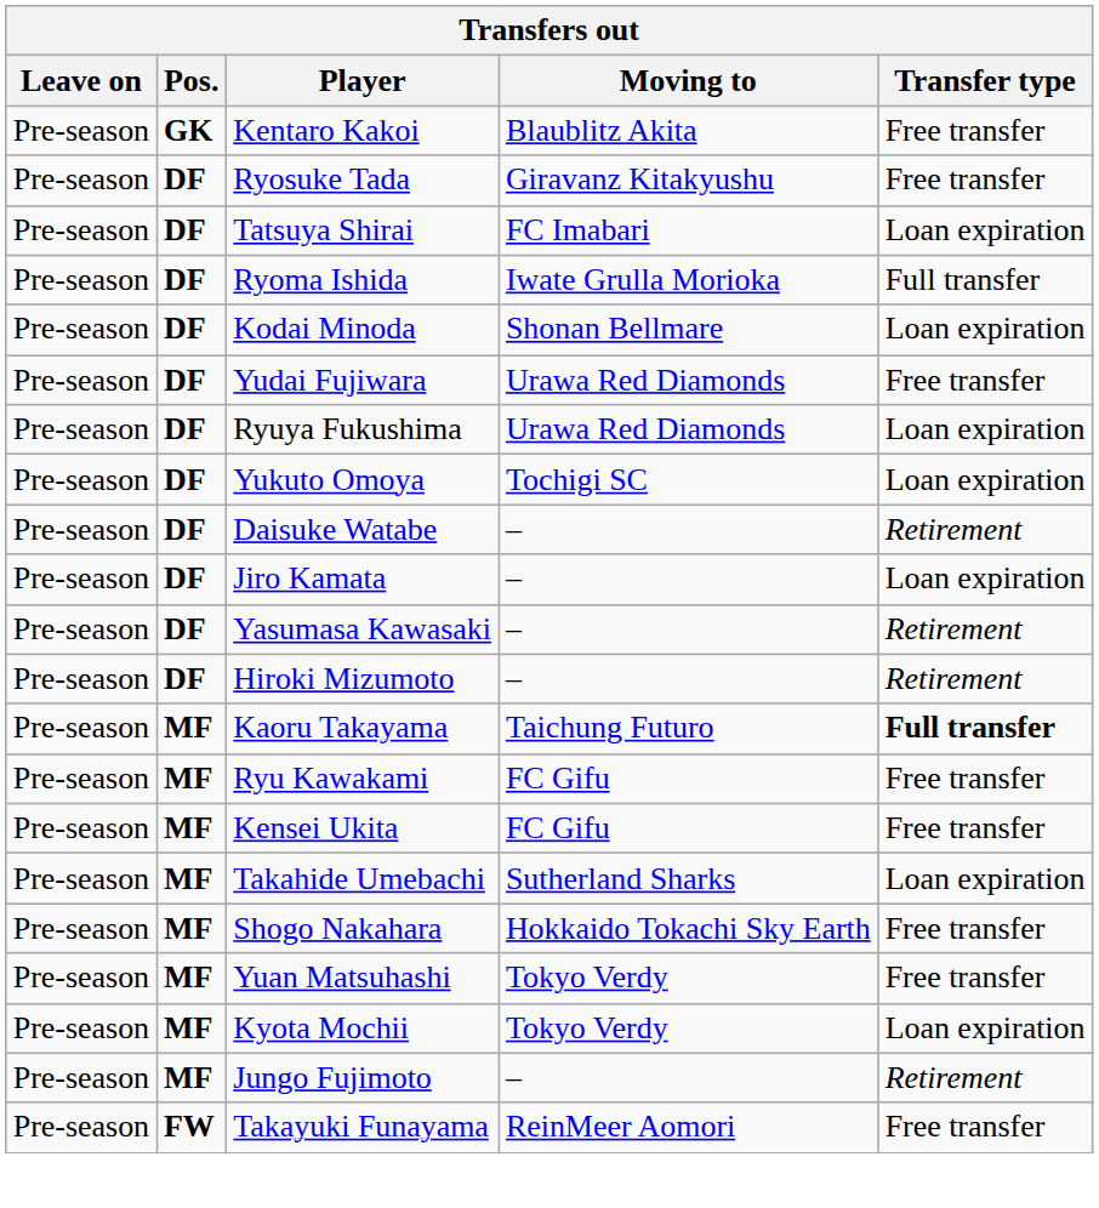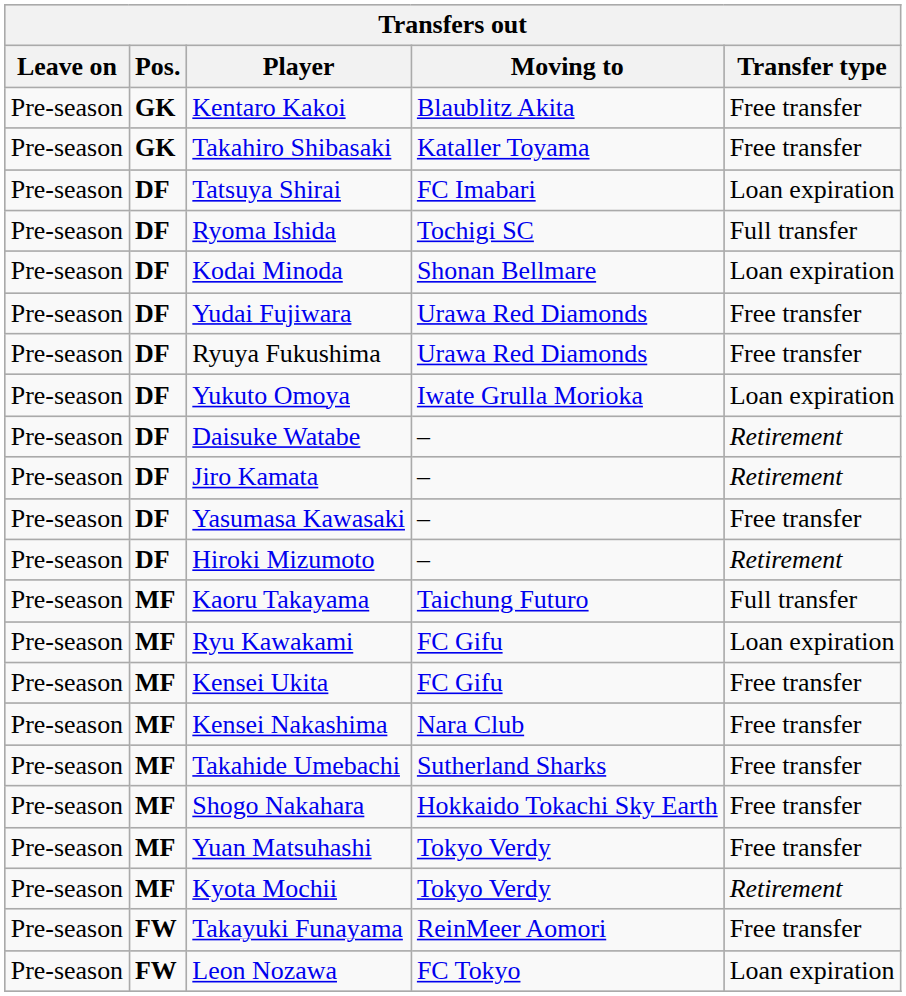 <table class="wikitable sortable" style=“text-align:left;>
 <tr>
 <th colspan="5">Transfers out</th>
 </tr>
 <tr>
 <th>Leave on</th>
 <th>Pos.</th>
 <th>Player</th>
 <th>Moving to</th>
 <th>Transfer type</th>
 </tr>
 <tr>
 <td>Pre-season</td>
 <td><strong>GK</strong></td>
 <td> <a href='#'>Kentaro Kakoi</a></td>
 <td> <a href='#'>Blaublitz Akita</a></td>
 <td>Free transfer</td>
 </tr>
 <tr>
 <td>Pre-season</td>
-<td><strong>DF</strong></td>
-<td> <a href='#'>Ryosuke Tada</a></td>
-<td> <a href='#'>Giravanz Kitakyushu</a></td>
+<td><strong>GK</strong></td>
+<td> <a href='#'>Takahiro Shibasaki</a></td>
+<td> <a href='#'>Kataller Toyama</a></td>
 <td>Free transfer</td>
 </tr>
 <tr>
 <td>Pre-season</td>
 <td><strong>DF</strong></td>
 <td> <a href='#'>Tatsuya Shirai</a></td>
 <td> <a href='#'>FC Imabari</a></td>
 <td>Loan expiration</td>
 </tr>
 <tr>
 <td>Pre-season</td>
 <td><strong>DF</strong></td>
 <td> <a href='#'>Ryoma Ishida</a></td>
-<td> <a href='#'>Iwate Grulla Morioka</a></td>
+<td> <a href='#'>Tochigi SC</a></td>
 <td>Full transfer</td>
 </tr>
 <tr>
 <td>Pre-season</td>
 <td><strong>DF</strong></td>
 <td> <a href='#'>Kodai Minoda</a></td>
 <td> <a href='#'>Shonan Bellmare</a></td>
 <td>Loan expiration</td>
 </tr>
 <tr>
 <td>Pre-season</td>
 <td><strong>DF</strong></td>
 <td> <a href='#'>Yudai Fujiwara</a></td>
 <td> <a href='#'>Urawa Red Diamonds</a></td>
 <td>Free transfer</td>
 </tr>
 <tr>
 <td>Pre-season</td>
 <td><strong>DF</strong></td>
 <td> Ryuya Fukushima</td>
 <td> <a href='#'>Urawa Red Diamonds</a></td>
-<td>Loan expiration</td>
+<td>Free transfer</td>
 </tr>
 <tr>
 <td>Pre-season</td>
 <td><strong>DF</strong></td>
 <td> <a href='#'>Yukuto Omoya</a></td>
-<td> <a href='#'>Tochigi SC</a></td>
+<td> <a href='#'>Iwate Grulla Morioka</a></td>
 <td>Loan expiration</td>
 </tr>
 <tr>
 <td>Pre-season</td>
 <td><strong>DF</strong></td>
 <td> <a href='#'>Daisuke Watabe</a></td>
 <td>–</td>
 <td><em>Retirement</em></td>
 </tr>
 <tr>
 <td>Pre-season</td>
 <td><strong>DF</strong></td>
 <td> <a href='#'>Jiro Kamata</a></td>
 <td>–</td>
-<td>Loan expiration</td>
+<td><em>Retirement</em></td>
 </tr>
 <tr>
 <td>Pre-season</td>
 <td><strong>DF</strong></td>
 <td> <a href='#'>Yasumasa Kawasaki</a></td>
 <td>–</td>
-<td><em>Retirement</em></td>
+<td>Free transfer</td>
 </tr>
 <tr>
 <td>Pre-season</td>
 <td><strong>DF</strong></td>
 <td> <a href='#'>Hiroki Mizumoto</a></td>
 <td>–</td>
 <td><em>Retirement</em></td>
 </tr>
 <tr>
 <td>Pre-season</td>
 <td><strong>MF</strong></td>
 <td> <a href='#'>Kaoru Takayama</a></td>
 <td> <a href='#'>Taichung Futuro</a></td>
-<td><strong>Full transfer</strong></td>
+<td>Full transfer</td>
 </tr>
 <tr>
 <td>Pre-season</td>
 <td><strong>MF</strong></td>
 <td> <a href='#'>Ryu Kawakami</a></td>
 <td> <a href='#'>FC Gifu</a></td>
-<td>Free transfer</td>
+<td>Loan expiration</td>
 </tr>
 <tr>
 <td>Pre-season</td>
 <td><strong>MF</strong></td>
 <td> <a href='#'>Kensei Ukita</a></td>
 <td> <a href='#'>FC Gifu</a></td>
 <td>Free transfer</td>
 </tr>
 <tr>
 <td>Pre-season</td>
 <td><strong>MF</strong></td>
+<td> <a href='#'>Kensei Nakashima</a></td>
+<td> <a href='#'>Nara Club</a></td>
+<td>Free transfer</td>
+</tr>
+<tr>
+<td>Pre-season</td>
+<td><strong>MF</strong></td>
 <td> <a href='#'>Takahide Umebachi</a></td>
 <td> <a href='#'>Sutherland Sharks</a></td>
-<td>Loan expiration</td>
+<td>Free transfer</td>
 </tr>
 <tr>
 <td>Pre-season</td>
 <td><strong>MF</strong></td>
 <td> <a href='#'>Shogo Nakahara</a></td>
 <td> <a href='#'>Hokkaido Tokachi Sky Earth</a></td>
 <td>Free transfer</td>
 </tr>
 <tr>
 <td>Pre-season</td>
 <td><strong>MF</strong></td>
 <td> <a href='#'>Yuan Matsuhashi</a></td>
 <td> <a href='#'>Tokyo Verdy</a></td>
 <td>Free transfer</td>
 </tr>
 <tr>
 <td>Pre-season</td>
 <td><strong>MF</strong></td>
 <td> <a href='#'>Kyota Mochii</a></td>
 <td> <a href='#'>Tokyo Verdy</a></td>
-<td>Loan expiration</td>
-</tr>
-<tr>
-<td>Pre-season</td>
-<td><strong>MF</strong></td>
-<td> <a href='#'>Jungo Fujimoto</a></td>
-<td>–</td>
 <td><em>Retirement</em></td>
 </tr>
 <tr>
 <td>Pre-season</td>
 <td><strong>FW</strong></td>
 <td> <a href='#'>Takayuki Funayama</a></td>
 <td> <a href='#'>ReinMeer Aomori</a></td>
 <td>Free transfer</td>
 </tr>
 <tr>
+<td>Pre-season</td>
+<td><strong>FW</strong></td>
+<td> <a href='#'>Leon Nozawa</a></td>
+<td> <a href='#'>FC Tokyo</a></td>
+<td>Loan expiration</td>
+</tr>
+<tr>
 </tr>
 </table>
